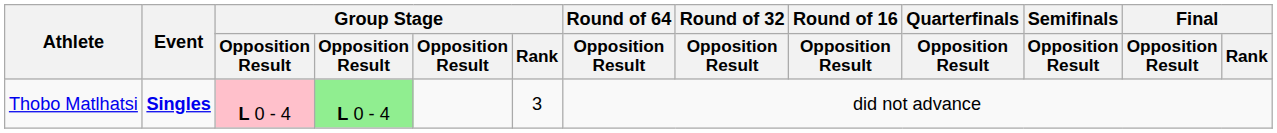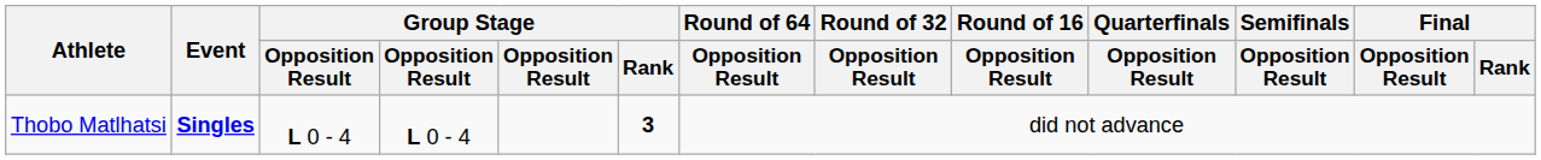 <table class="wikitable" style="font-size:90%">
 <tr>
 <th rowspan=2>Athlete</th>
 <th rowspan=2>Event</th>
 <th colspan=4>Group Stage</th>
 <th>Round of 64</th>
 <th>Round of 32</th>
 <th>Round of 16</th>
 <th>Quarterfinals</th>
 <th>Semifinals</th>
 <th colspan=2>Final</th>
 </tr>
 <tr style="font-size:95%">
 <th>Opposition<br>Result</th>
 <th>Opposition<br>Result</th>
 <th>Opposition<br>Result</th>
 <th>Rank</th>
 <th>Opposition<br>Result</th>
 <th>Opposition<br>Result</th>
 <th>Opposition<br>Result</th>
 <th>Opposition<br>Result</th>
 <th>Opposition<br>Result</th>
 <th>Opposition<br>Result</th>
 <th>Rank</th>
 </tr>
 <tr align=center>
 <td align=left><a href='#'>Thobo Matlhatsi</a></td>
 <td align=left><strong><a href='#'>Singles</a></strong></td>
-<td style="background: pink;"><br><strong>L</strong> 0 - 4</td>
-<td style="background: lightgreen;"><br><strong>L</strong> 0 - 4</td>
+<td><br><strong>L</strong> 0 - 4</td>
+<td><br><strong>L</strong> 0 - 4</td>
 <td></td>
-<td>3</td>
+<td><strong>3</strong></td>
 <td colspan=7>did not advance</td>
 </tr>
 </table>
